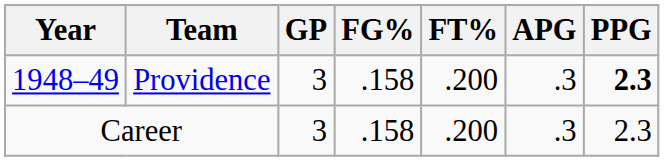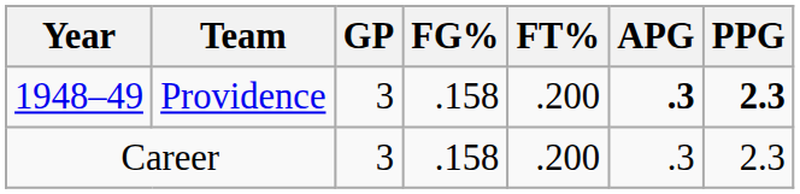 <table class="wikitable sortable" style="font-size:95%; text-align:right;">
 <tr>
 <th>Year</th>
 <th>Team</th>
 <th>GP</th>
 <th>FG%</th>
 <th>FT%</th>
 <th>APG</th>
 <th>PPG</th>
 </tr>
 <tr>
 <td style="text-align:left;"><a href='#'>1948–49</a></td>
 <td style="text-align:left;"><a href='#'>Providence</a></td>
 <td>3</td>
 <td>.158</td>
 <td>.200</td>
-<td>.3</td>
+<td><strong>.3</strong></td>
 <td><strong>2.3</strong></td>
 </tr>
 <tr>
 <td style="text-align:center;" colspan="2">Career</td>
 <td>3</td>
 <td>.158</td>
 <td>.200</td>
 <td>.3</td>
 <td>2.3</td>
 </tr>
 </table>
